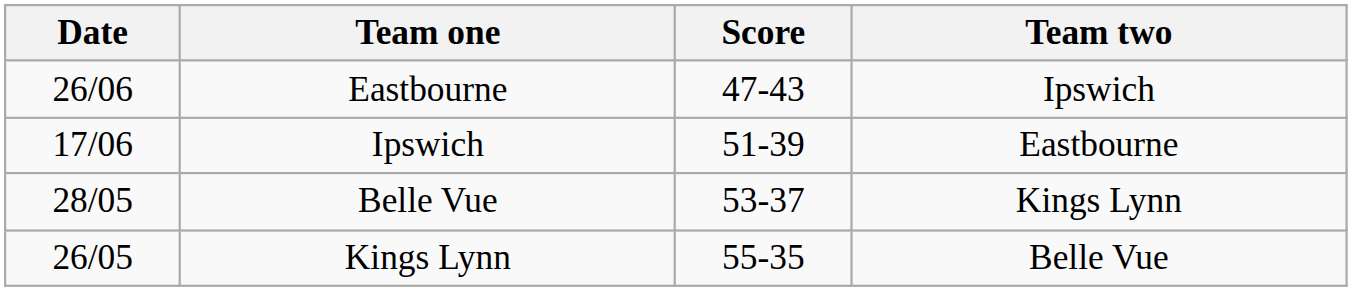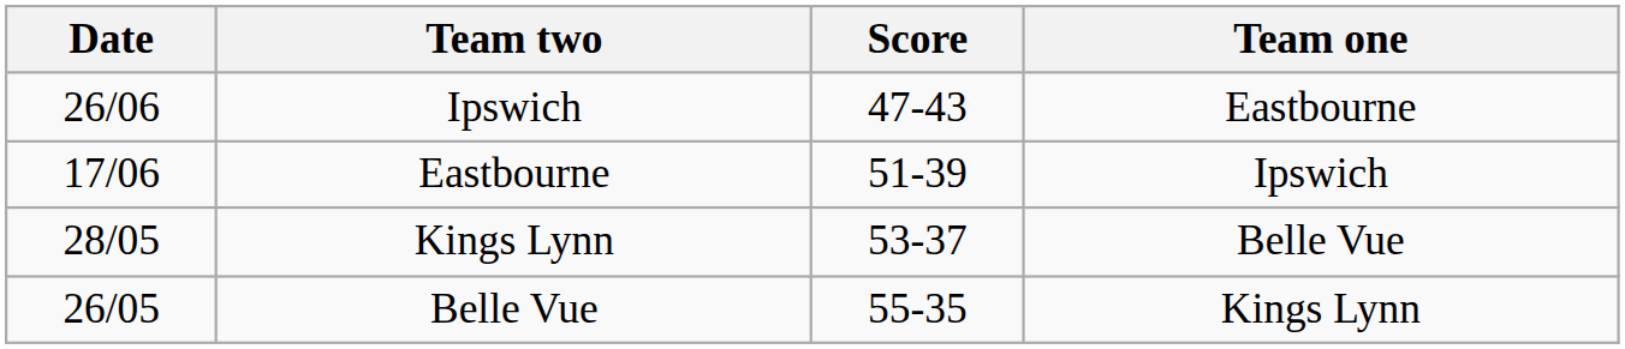 <table class="wikitable" style="text-align: center">
 <tr>
 <th width=80>Date</th>
+<th width=250>Team two</th>
+<th width=80>Score</th>
 <th width=250>Team one</th>
-<th width=80>Score</th>
-<th width=250>Team two</th>
 </tr>
 <tr>
 <td>26/06</td>
+<td>Ipswich</td>
+<td>47-43</td>
 <td>Eastbourne</td>
-<td>47-43</td>
+</tr>
+<tr>
+<td>17/06</td>
+<td>Eastbourne</td>
+<td>51-39</td>
 <td>Ipswich</td>
 </tr>
 <tr>
-<td>17/06</td>
-<td>Ipswich</td>
-<td>51-39</td>
-<td>Eastbourne</td>
-</tr>
-<tr>
 <td>28/05</td>
+<td>Kings Lynn</td>
+<td>53-37</td>
 <td>Belle Vue</td>
-<td>53-37</td>
-<td>Kings Lynn</td>
 </tr>
 <tr>
 <td>26/05</td>
+<td>Belle Vue</td>
+<td>55-35</td>
 <td>Kings Lynn</td>
-<td>55-35</td>
-<td>Belle Vue</td>
 </tr>
 </table>
